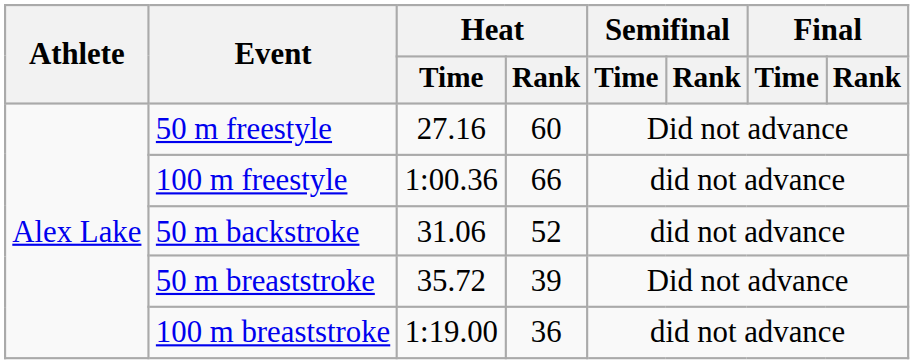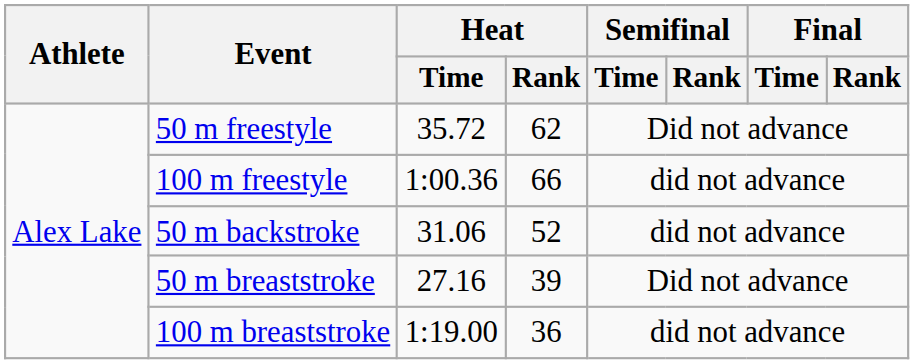 <table class=wikitable style=font-size:90%>
 <tr>
 <th rowspan=2>Athlete</th>
 <th rowspan=2>Event</th>
 <th colspan=2>Heat</th>
 <th colspan=2>Semifinal</th>
 <th colspan=2>Final</th>
 </tr>
 <tr style=font-size:95%>
 <th>Time</th>
 <th>Rank</th>
 <th>Time</th>
 <th>Rank</th>
 <th>Time</th>
 <th>Rank</th>
 </tr>
 <tr align=center>
 <td align=left rowspan=5><a href='#'>Alex Lake</a></td>
 <td align=left rowspan="1"><a href='#'>50 m freestyle</a></td>
-<td>27.16</td>
-<td>60</td>
+<td>35.72</td>
+<td>62</td>
 <td colspan="4">Did not advance</td>
 </tr>
 <tr align=center>
 <td align=left rowspan="1"><a href='#'>100 m freestyle</a></td>
 <td>1:00.36</td>
 <td>66</td>
 <td colspan=4>did not advance</td>
 </tr>
 <tr align=center>
 <td style="text-align:left;"><a href='#'>50 m backstroke</a></td>
 <td>31.06</td>
 <td>52</td>
 <td colspan=4>did not advance</td>
 </tr>
 <tr align=center>
 <td align=left><a href='#'>50 m breaststroke</a></td>
-<td>35.72</td>
+<td>27.16</td>
 <td>39</td>
 <td colspan="4">Did not advance</td>
 </tr>
 <tr align=center>
 <td align=left rowspan="1"><a href='#'>100 m breaststroke</a></td>
 <td>1:19.00</td>
 <td>36</td>
 <td colspan="4">did not advance</td>
 </tr>
 </table>
